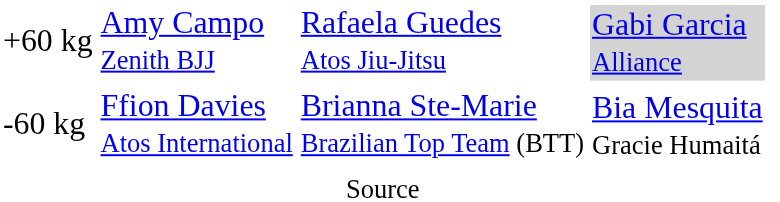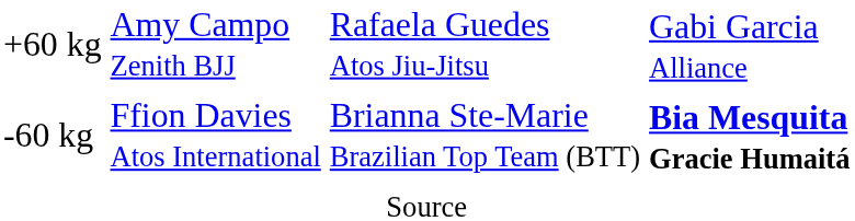 <table>
 <tr>
 <td rowspan=2>+60 kg</td>
 <td rowspan=2> <a href='#'>Amy Campo</a><br><small><a href='#'>Zenith BJJ</a></small></td>
 <td rowspan=2> <a href='#'>Rafaela Guedes</a><br><small><a href='#'>Atos Jiu-Jitsu</a></small></td>
 </tr>
 <tr>
-<td style="background: lightgrey;"> <a href='#'>Gabi Garcia</a><br><small><a href='#'>Alliance</a> </small></td>
+<td> <a href='#'>Gabi Garcia</a><br><small><a href='#'>Alliance</a> </small></td>
 </tr>
 <tr>
 <td rowspan=2>-60 kg</td>
 <td rowspan=2> <a href='#'>Ffion Davies</a><br><small><a href='#'>Atos International</a></small></td>
 <td rowspan=2> <a href='#'>Brianna Ste-Marie</a><br><small><a href='#'>Brazilian Top Team</a> (BTT)</small></td>
 </tr>
 <tr>
-<td> <a href='#'>Bia Mesquita</a><br><small>Gracie Humaitá</small></td>
+<td><strong> <a href='#'>Bia Mesquita</a><br><small>Gracie Humaitá</small></strong></td>
 </tr>
 <tr>
 <td colspan=4 style="text-align:center;"><small>Source</small></td>
 </tr>
 <tr>
 </tr>
 </table>
